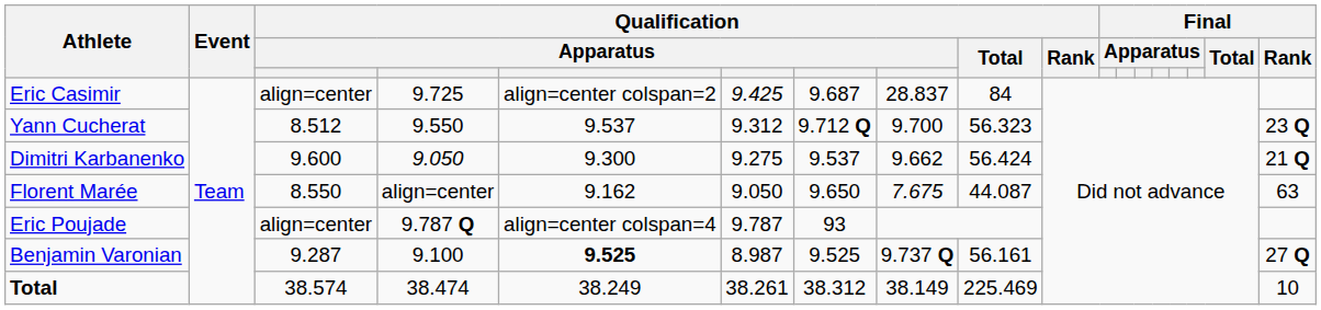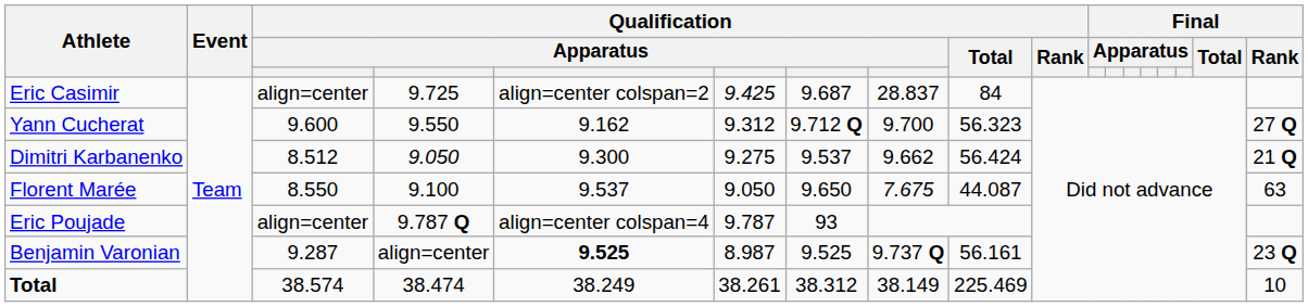 <table class=wikitable style=font-size:90%;text-align:center>
 <tr>
 <th rowspan=3>Athlete</th>
 <th rowspan=3>Event</th>
 <th colspan=8>Qualification</th>
 <th colspan=8>Final</th>
 </tr>
 <tr style=font-size:95%>
 <th colspan=6>Apparatus</th>
 <th rowspan=2>Total</th>
 <th rowspan=2>Rank</th>
 <th colspan=6>Apparatus</th>
 <th rowspan=2>Total</th>
 <th rowspan=2>Rank</th>
 </tr>
 <tr style=font-size:95%>
 <th></th>
 <th></th>
 <th></th>
 <th></th>
 <th></th>
 <th></th>
 <th></th>
 <th></th>
 <th></th>
 <th></th>
 <th></th>
 <th></th>
 </tr>
 <tr>
 <td align=left><a href='#'>Eric Casimir</a></td>
 <td align=left rowspan=7><a href='#'>Team</a></td>
 <td>align=center </td>
 <td align=center>9.725</td>
 <td>align=center colspan=2 </td>
 <td align=center><em>9.425</em></td>
 <td align=center>9.687</td>
 <td align=center>28.837</td>
 <td align=center>84</td>
 <td align=center colspan=8 rowspan=7>Did not advance</td>
 </tr>
 <tr>
 <td align=left><a href='#'>Yann Cucherat</a></td>
-<td align=center>8.512</td>
+<td align=center>9.600</td>
 <td align=center>9.550</td>
-<td align=center>9.537</td>
+<td align=center>9.162</td>
 <td align=center>9.312</td>
 <td align=center>9.712 <strong>Q</strong></td>
 <td align=center>9.700</td>
 <td align=center>56.323</td>
-<td align=center>23 <strong>Q</strong></td>
+<td align=center>27 <strong>Q</strong></td>
 </tr>
 <tr>
 <td align=left><a href='#'>Dimitri Karbanenko</a></td>
-<td align=center>9.600</td>
+<td align=center>8.512</td>
 <td align=center><em>9.050</em></td>
 <td align=center>9.300</td>
 <td align=center>9.275</td>
 <td align=center>9.537</td>
 <td align=center>9.662</td>
 <td align=center>56.424</td>
 <td align=center>21 <strong>Q</strong></td>
 </tr>
 <tr>
 <td align=left><a href='#'>Florent Marée</a></td>
 <td align=center>8.550</td>
-<td>align=center </td>
-<td align=center>9.162</td>
+<td align=center>9.100</td>
+<td align=center>9.537</td>
 <td align=center>9.050</td>
 <td align=center>9.650</td>
 <td align=center><em>7.675</em></td>
 <td align=center>44.087</td>
 <td align=center>63</td>
 </tr>
 <tr>
 <td align=left><a href='#'>Eric Poujade</a></td>
 <td>align=center </td>
 <td align=center>9.787 <strong>Q</strong></td>
 <td>align=center colspan=4 </td>
 <td align=center>9.787</td>
 <td align=center>93</td>
 </tr>
 <tr>
 <td align=left><a href='#'>Benjamin Varonian</a></td>
 <td align=center>9.287</td>
-<td align=center>9.100</td>
+<td>align=center </td>
 <td align=center><strong>9.525</strong></td>
 <td align=center>8.987</td>
 <td align=center>9.525</td>
 <td align=center>9.737 <strong>Q</strong></td>
 <td align=center>56.161</td>
-<td align=center>27 <strong>Q</strong></td>
+<td align=center>23 <strong>Q</strong></td>
 </tr>
 <tr>
 <td align=left><strong>Total</strong></td>
 <td align=center>38.574</td>
 <td align=center>38.474</td>
 <td align=center>38.249</td>
 <td align=center>38.261</td>
 <td align=center>38.312</td>
 <td align=center>38.149</td>
 <td align=center>225.469</td>
 <td align=center>10</td>
 </tr>
 </table>
